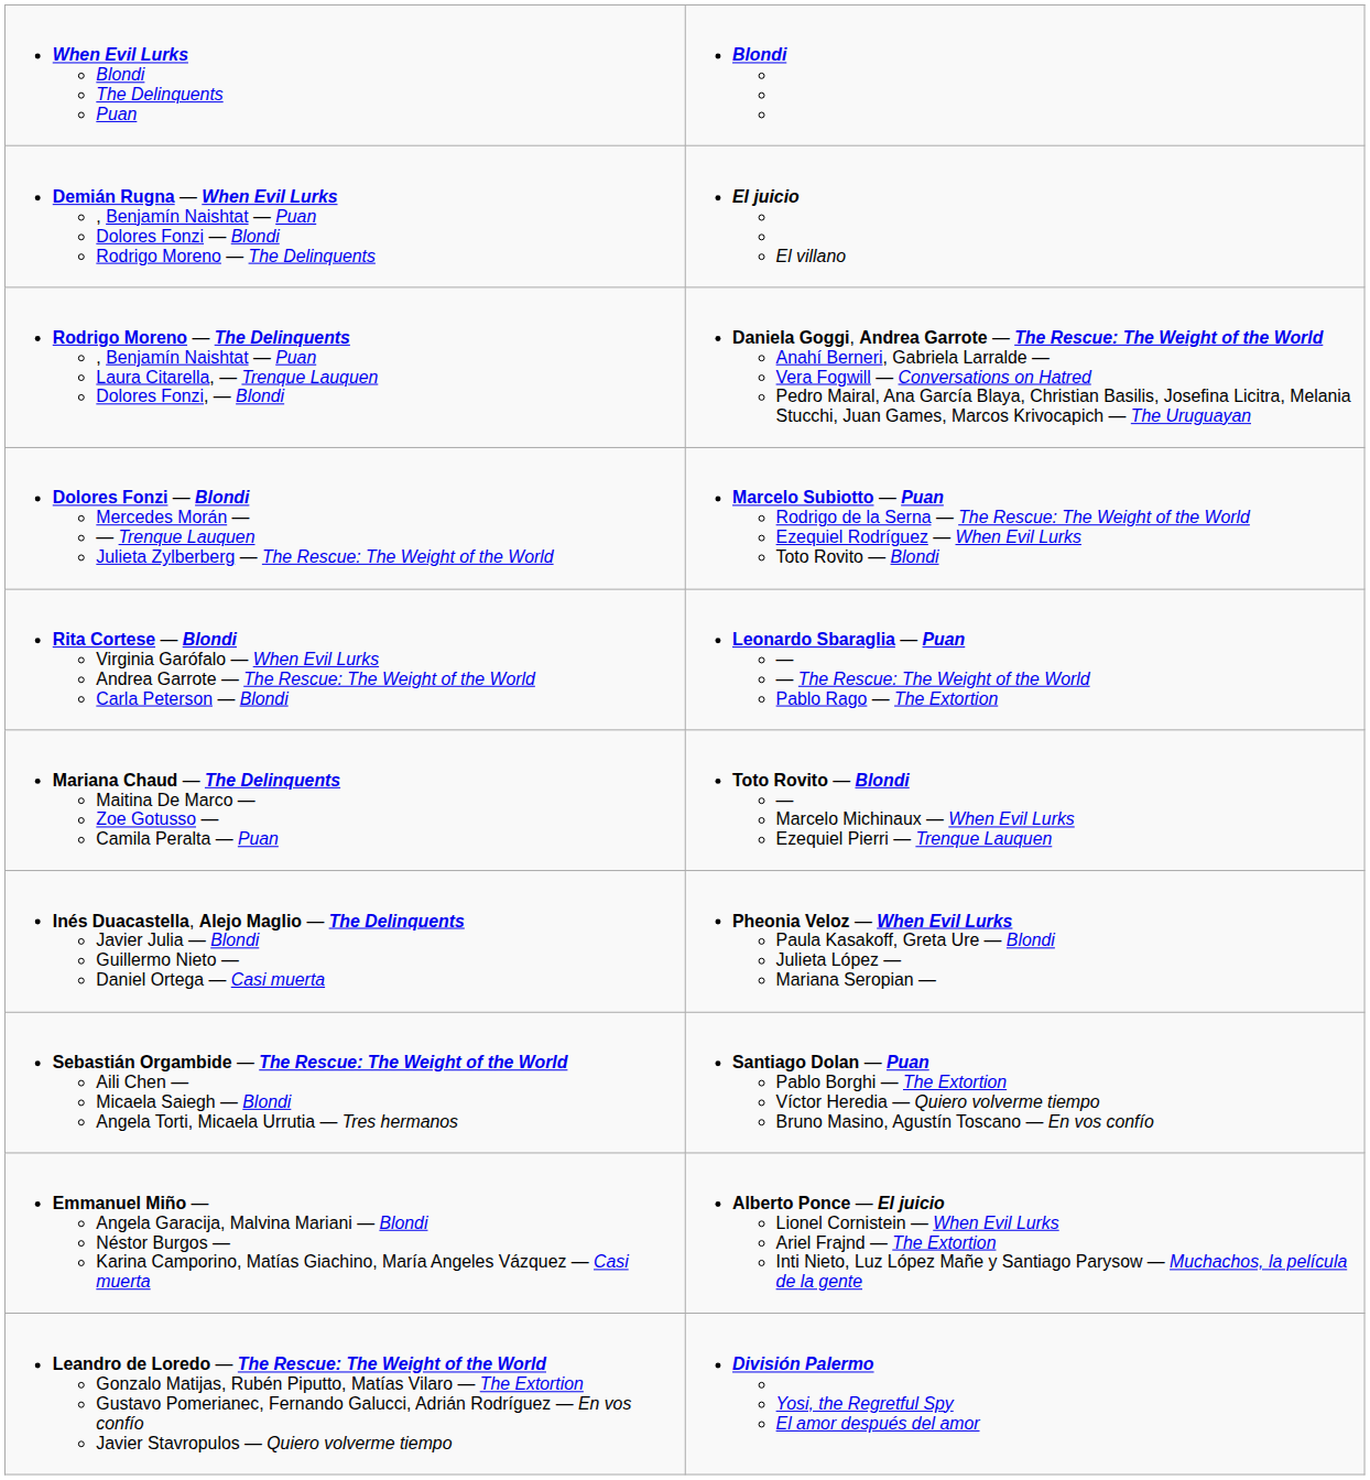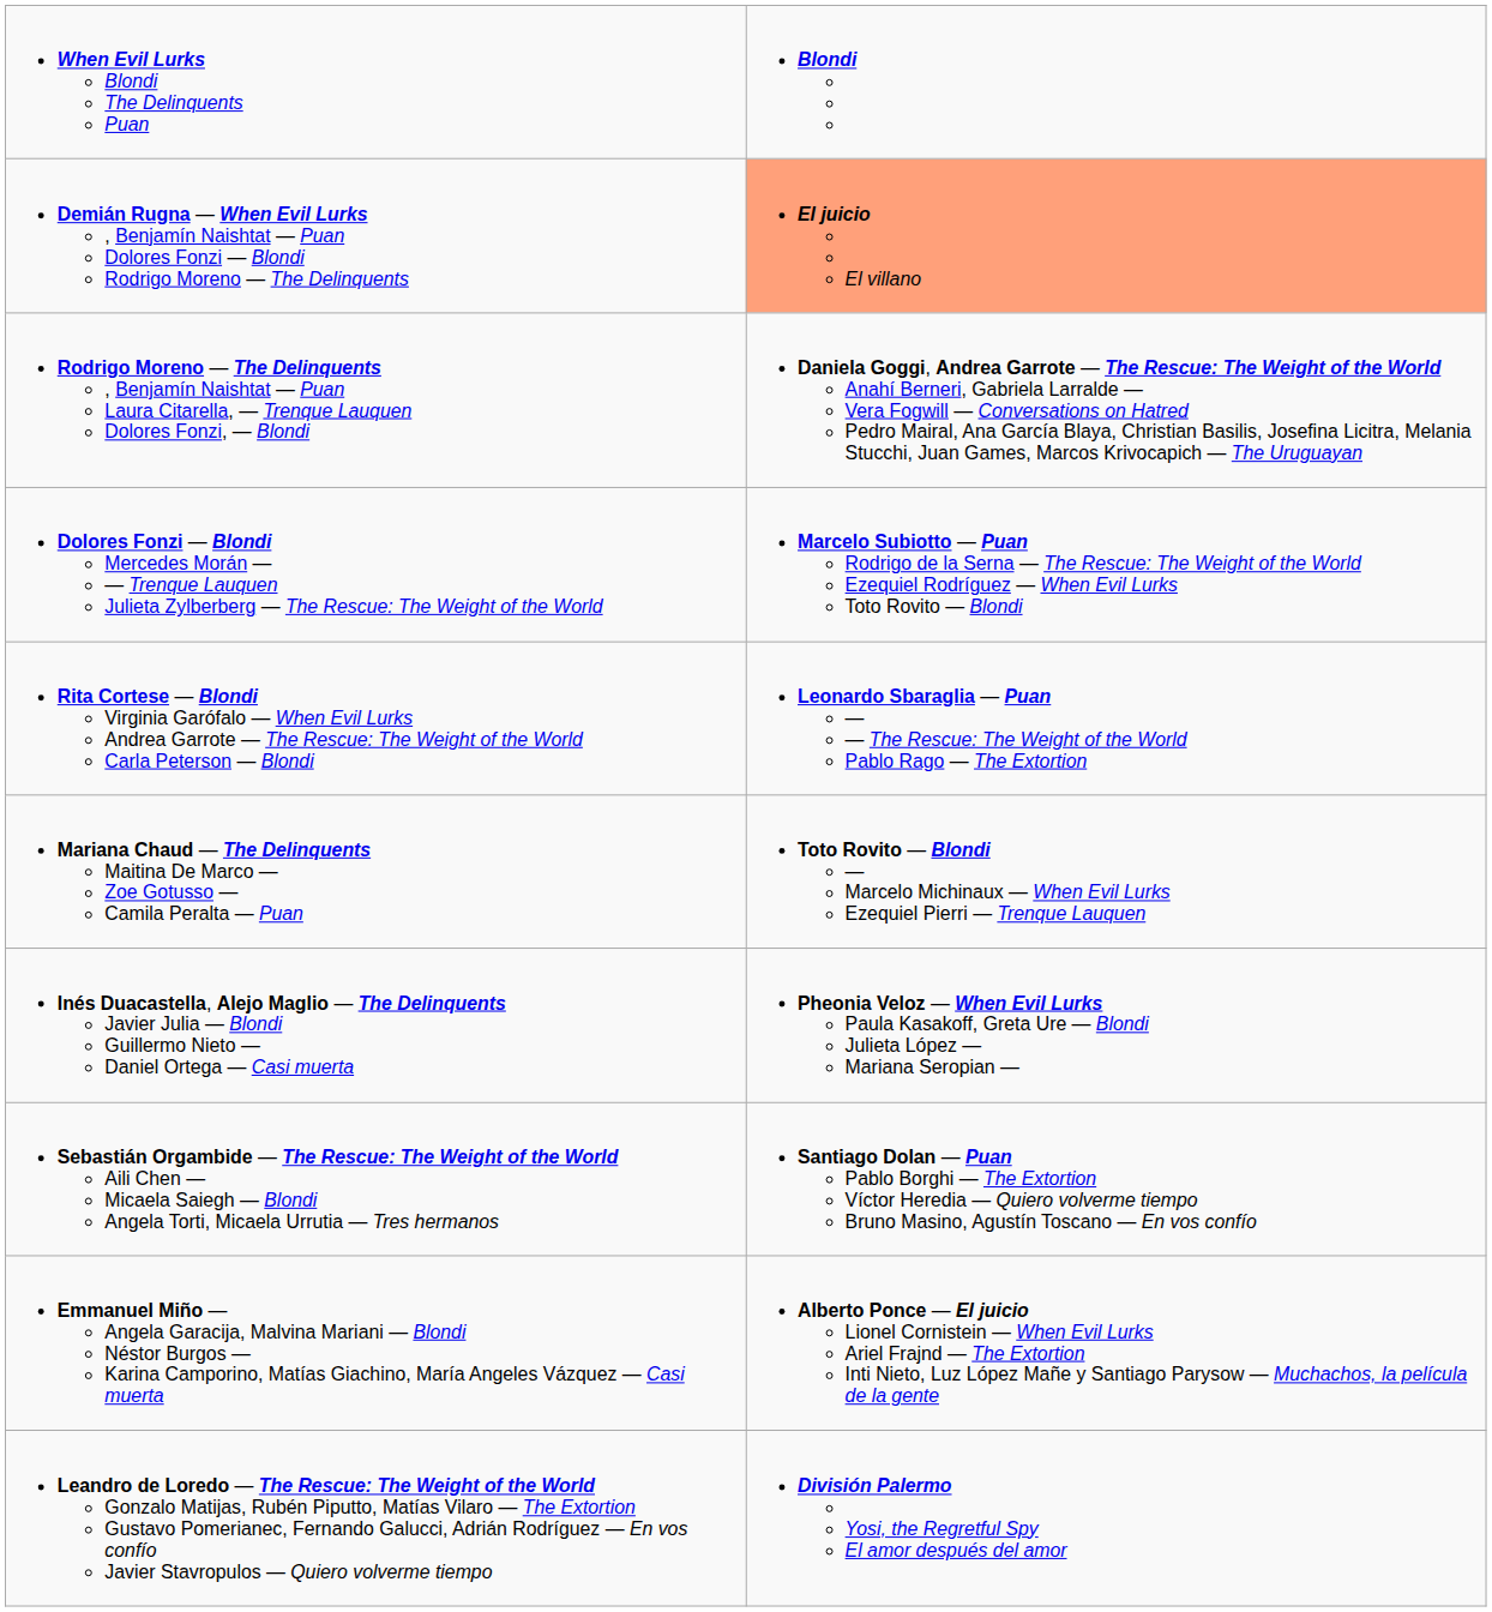 <table role="presentation" class=wikitable>
 <tr>
 <td style="vertical-align:top;" width="50%"><br><ul><li><strong><em><a href='#'>When Evil Lurks</a></em></strong><ul><li><em><a href='#'>Blondi</a></em></li><li><em><a href='#'>The Delinquents</a></em></li><li><em><a href='#'>Puan</a></em></li></ul></li></ul></td>
 <td style="vertical-align:top;" width="50%"><br><ul><li><strong><em><a href='#'>Blondi</a></em></strong><ul><li><em></em></li><li><em></em></li><li><em></em></li></ul></li></ul></td>
 </tr>
 <tr>
 <td style="vertical-align:top;" width="50%"><br><ul><li><strong><a href='#'>Demián Rugna</a></strong> — <strong><em><a href='#'>When Evil Lurks</a></em></strong><ul><li>, <a href='#'>Benjamín Naishtat</a> — <em><a href='#'>Puan</a></em></li><li><a href='#'>Dolores Fonzi</a> — <em><a href='#'>Blondi</a></em></li><li><a href='#'>Rodrigo Moreno</a> — <em><a href='#'>The Delinquents</a></em></li></ul></li></ul></td>
-<td style="vertical-align:top;" width="50%"><br><ul><li><strong><em>El juicio</em></strong><ul><li><em></em></li><li><em></em></li><li><em>El villano</em></li></ul></li></ul></td>
+<td style="background: lightsalmon; vertical-align:top;" width="50%"><br><ul><li><strong><em>El juicio</em></strong><ul><li><em></em></li><li><em></em></li><li><em>El villano</em></li></ul></li></ul></td>
 </tr>
 <tr>
 <td style="vertical-align:top;" width="50%"><br><ul><li><strong><a href='#'>Rodrigo Moreno</a></strong> — <strong><em><a href='#'>The Delinquents</a></em></strong><ul><li>, <a href='#'>Benjamín Naishtat</a> — <em><a href='#'>Puan</a></em></li><li><a href='#'>Laura Citarella</a>,  — <em><a href='#'>Trenque Lauquen</a></em></li><li><a href='#'>Dolores Fonzi</a>,  — <em><a href='#'>Blondi</a></em></li></ul></li></ul></td>
 <td style="vertical-align:top;" width="50%"><br><ul><li><strong>Daniela Goggi</strong>, <strong>Andrea Garrote</strong> — <strong><em><a href='#'>The Rescue: The Weight of the World</a></em></strong><ul><li><a href='#'>Anahí Berneri</a>, Gabriela Larralde — <em></em></li><li><a href='#'>Vera Fogwill</a> — <em><a href='#'>Conversations on Hatred</a></em></li><li>Pedro Mairal, Ana García Blaya, Christian Basilis, Josefina Licitra, Melania Stucchi, Juan Games, Marcos Krivocapich — <em><a href='#'>The Uruguayan</a></em></li></ul></li></ul></td>
 </tr>
 <tr>
 <td style="vertical-align:top;" width="50%"><br><ul><li><strong><a href='#'>Dolores Fonzi</a></strong> — <strong><em><a href='#'>Blondi</a></em></strong><ul><li><a href='#'>Mercedes Morán</a> — <em></em></li><li> — <em><a href='#'>Trenque Lauquen</a></em></li><li><a href='#'>Julieta Zylberberg</a> — <em><a href='#'>The Rescue: The Weight of the World</a></em></li></ul></li></ul></td>
 <td style="vertical-align:top;" width="50%"><br><ul><li><strong><a href='#'>Marcelo Subiotto</a></strong> — <strong><em><a href='#'>Puan</a></em></strong><ul><li><a href='#'>Rodrigo de la Serna</a> — <em><a href='#'>The Rescue: The Weight of the World</a></em></li><li><a href='#'>Ezequiel Rodríguez</a> — <em><a href='#'>When Evil Lurks</a></em></li><li>Toto Rovito — <em><a href='#'>Blondi</a></em></li></ul></li></ul></td>
 </tr>
 <tr>
 <td style="vertical-align:top;" width="50%"><br><ul><li><strong><a href='#'>Rita Cortese</a></strong> — <strong><em><a href='#'>Blondi</a></em></strong><ul><li>Virginia Garófalo — <em><a href='#'>When Evil Lurks</a></em></li><li>Andrea Garrote — <em><a href='#'>The Rescue: The Weight of the World</a></em></li><li><a href='#'>Carla Peterson</a> — <em><a href='#'>Blondi</a></em></li></ul></li></ul></td>
 <td style="vertical-align:top;" width="50%"><br><ul><li><strong><a href='#'>Leonardo Sbaraglia</a></strong> — <strong><em><a href='#'>Puan</a></em></strong><ul><li> — <em></em></li><li> — <em><a href='#'>The Rescue: The Weight of the World</a></em></li><li><a href='#'>Pablo Rago</a> — <em><a href='#'>The Extortion</a></em></li></ul></li></ul></td>
 </tr>
 <tr>
 <td style="vertical-align:top;" width="50%"><br><ul><li><strong>Mariana Chaud</strong> — <strong><em><a href='#'>The Delinquents</a></em></strong><ul><li>Maitina De Marco — <em></em></li><li><a href='#'>Zoe Gotusso</a> — <em></em></li><li>Camila Peralta — <em><a href='#'>Puan</a></em></li></ul></li></ul></td>
 <td style="vertical-align:top;" width="50%"><br><ul><li><strong>Toto Rovito</strong> — <strong><em><a href='#'>Blondi</a></em></strong><ul><li> — <em></em></li><li>Marcelo Michinaux — <em><a href='#'>When Evil Lurks</a></em></li><li>Ezequiel Pierri — <em><a href='#'>Trenque Lauquen</a></em></li></ul></li></ul></td>
 </tr>
 <tr>
 <td style="vertical-align:top;" width="50%"><br><ul><li><strong>Inés Duacastella</strong>, <strong>Alejo Maglio</strong> — <strong><em><a href='#'>The Delinquents</a></em></strong><ul><li>Javier Julia — <em><a href='#'>Blondi</a></em></li><li>Guillermo Nieto — <em></em></li><li>Daniel Ortega — <em><a href='#'>Casi muerta</a></em></li></ul></li></ul></td>
 <td style="vertical-align:top;" width="50%"><br><ul><li><strong>Pheonia Veloz</strong> — <strong><em><a href='#'>When Evil Lurks</a></em></strong><ul><li>Paula Kasakoff, Greta Ure — <em><a href='#'>Blondi</a></em></li><li>Julieta López — <em></em></li><li>Mariana Seropian — <em></em></li></ul></li></ul></td>
 </tr>
 <tr>
 <td style="vertical-align:top;" width="50%"><br><ul><li><strong>Sebastián Orgambide</strong> — <strong><em><a href='#'>The Rescue: The Weight of the World</a></em></strong><ul><li>Aili Chen — <em></em></li><li>Micaela Saiegh — <em><a href='#'>Blondi</a></em></li><li>Angela Torti, Micaela Urrutia — <em>Tres hermanos</em></li></ul></li></ul></td>
 <td style="vertical-align:top;" width="50%"><br><ul><li><strong>Santiago Dolan</strong> — <strong><em><a href='#'>Puan</a></em></strong><ul><li>Pablo Borghi — <em><a href='#'>The Extortion</a></em></li><li>Víctor Heredia — <em>Quiero volverme tiempo</em></li><li>Bruno Masino, Agustín Toscano — <em>En vos confío</em></li></ul></li></ul></td>
 </tr>
 <tr>
 <td style="vertical-align:top;" width="50%"><br><ul><li><strong>Emmanuel Miño</strong> — <strong><em></em></strong><ul><li>Angela Garacija, Malvina Mariani — <em><a href='#'>Blondi</a></em></li><li>Néstor Burgos — <em></em></li><li>Karina Camporino, Matías Giachino, María Angeles Vázquez — <em><a href='#'>Casi muerta</a></em></li></ul></li></ul></td>
 <td style="vertical-align:top;" width="50%"><br><ul><li><strong>Alberto Ponce</strong> — <strong><em>El juicio</em></strong><ul><li>Lionel Cornistein — <em><a href='#'>When Evil Lurks</a></em></li><li>Ariel Frajnd — <em><a href='#'>The Extortion</a></em></li><li>Inti Nieto, Luz López Mañe y Santiago Parysow — <em><a href='#'>Muchachos, la película de la gente</a></em></li></ul></li></ul></td>
 </tr>
 <tr>
 <td style="vertical-align:top;" width="50%"><br><ul><li><strong>Leandro de Loredo</strong> — <strong><em><a href='#'>The Rescue: The Weight of the World</a></em></strong><ul><li>Gonzalo Matijas, Rubén Piputto, Matías Vilaro — <em><a href='#'>The Extortion</a></em></li><li>Gustavo Pomerianec, Fernando Galucci, Adrián Rodríguez — <em>En vos confío</em></li><li>Javier Stavropulos — <em>Quiero volverme tiempo</em></li></ul></li></ul></td>
 <td style="vertical-align:top;" width="50%"><br><ul><li><strong><em><a href='#'>División Palermo</a></em></strong><ul><li><em></em></li><li><em><a href='#'>Yosi, the Regretful Spy</a></em></li><li><em><a href='#'>El amor después del amor</a></em></li></ul></li></ul></td>
 </tr>
 </table>
